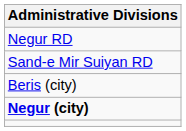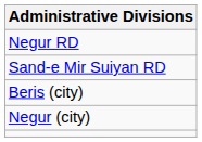 <table class="wikitable">
 <tr>
 <th>Administrative Divisions</th>
 </tr>
 <tr>
 <td><a href='#'>Negur RD</a></td>
 </tr>
 <tr>
 <td><a href='#'>Sand-e Mir Suiyan RD</a></td>
 </tr>
 <tr>
 <td><a href='#'>Beris</a> (city)</td>
 </tr>
 <tr>
-<td><strong><a href='#'>Negur</a> (city)</strong></td>
+<td><a href='#'>Negur</a> (city)</td>
 </tr>
 <tr>
 <td colspan=1></td>
 </tr>
 </table>
